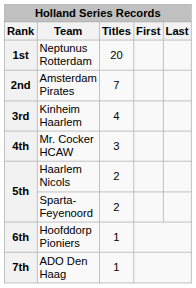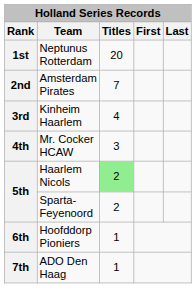 <table class="wikitable" style="text-align:center; width:30%;">
 <tr>
 <td bgcolor="silver" colspan="5"><strong>Holland Series Records</strong></td>
 </tr>
 <tr>
 <th>Rank</th>
 <th>Team</th>
 <th>Titles</th>
 <th>First</th>
 <th>Last</th>
 </tr>
 <tr>
 <th>1st</th>
 <td style="text-align:left">Neptunus Rotterdam</td>
 <td>20</td>
 <td></td>
 <td></td>
 </tr>
 <tr>
 <th rowspan=1>2nd</th>
 <td style="text-align:left">Amsterdam Pirates</td>
 <td>7</td>
 <td></td>
 <td></td>
 </tr>
 <tr>
 <th>3rd</th>
 <td style="text-align:left">Kinheim Haarlem</td>
 <td>4</td>
 <td></td>
 <td></td>
 </tr>
 <tr>
 <th>4th</th>
 <td style="text-align:left">Mr. Cocker HCAW</td>
 <td>3</td>
 <td></td>
 <td></td>
 </tr>
 <tr>
 <th rowspan="2">5th</th>
 <td style="text-align:left">Haarlem Nicols</td>
-<td>2</td>
+<td style="background: lightgreen;">2</td>
 <td></td>
 <td></td>
 </tr>
 <tr>
 <td style="text-align:left">Sparta-Feyenoord</td>
 <td>2</td>
 <td></td>
 <td></td>
 </tr>
 <tr>
 <th>6th</th>
 <td style="text-align:left">Hoofddorp Pioniers</td>
 <td>1</td>
 <td colspan=2></td>
 </tr>
 <tr>
 <th>7th</th>
 <td style="text-align:left">ADO Den Haag</td>
 <td>1</td>
 <td colspan=2></td>
 </tr>
 </table>
